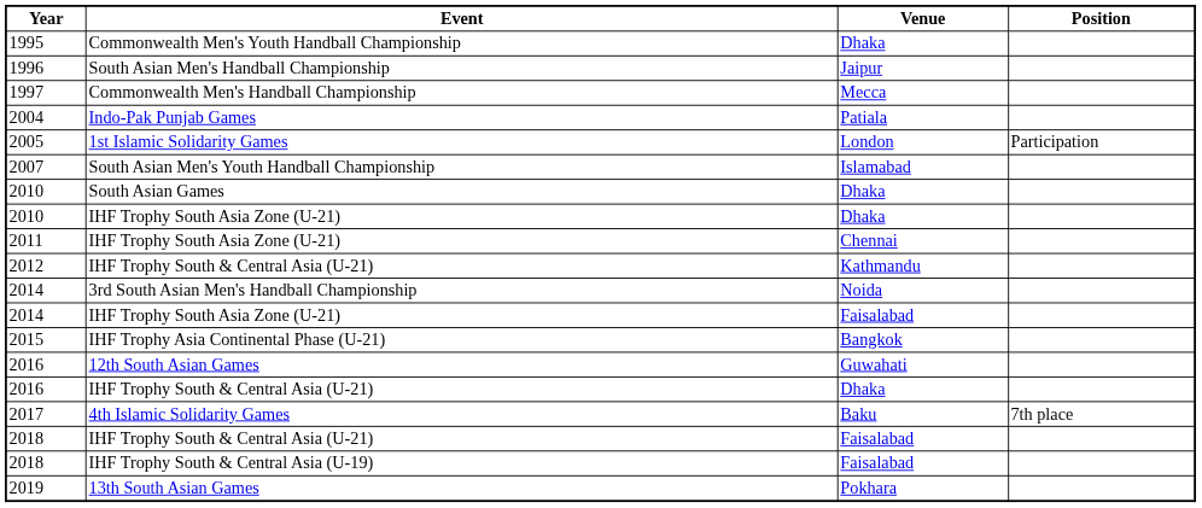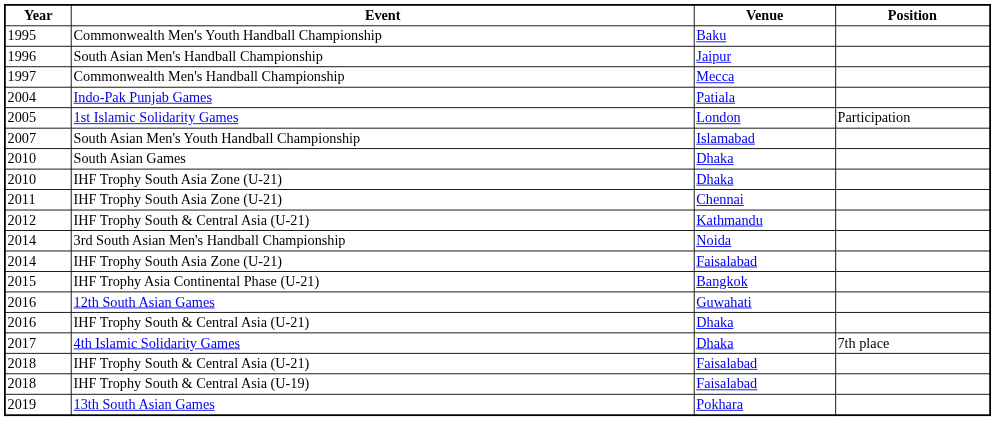 <table class="sortable" style="border-collapse: collapse; border: 2px #000000 solid; font-size: x-big; font-family: verdana" width="70%" cellspacing="0" cellpadding="2" border="1">
 <tr>
 <th>Year</th>
 <th>Event</th>
 <th>Venue</th>
 <th align=center>Position</th>
 </tr>
 <tr>
 <td>1995</td>
 <td>Commonwealth Men's Youth Handball Championship</td>
-<td> <a href='#'>Dhaka</a></td>
+<td> <a href='#'>Baku</a></td>
 <td></td>
 </tr>
 <tr>
 <td>1996</td>
 <td>South Asian Men's Handball Championship</td>
 <td> <a href='#'>Jaipur</a></td>
 <td></td>
 </tr>
 <tr>
 <td>1997</td>
 <td>Commonwealth Men's Handball Championship</td>
 <td> <a href='#'>Mecca</a></td>
 <td></td>
 </tr>
 <tr>
 <td>2004</td>
 <td><a href='#'>Indo-Pak Punjab Games</a></td>
 <td> <a href='#'>Patiala</a></td>
 <td></td>
 </tr>
 <tr>
 <td>2005</td>
 <td><a href='#'>1st Islamic Solidarity Games</a></td>
 <td> <a href='#'>London</a></td>
 <td>Participation</td>
 </tr>
 <tr>
 <td>2007</td>
 <td>South Asian Men's Youth Handball Championship</td>
 <td> <a href='#'>Islamabad</a></td>
 <td></td>
 </tr>
 <tr>
 <td>2010</td>
 <td>South Asian Games</td>
 <td> <a href='#'>Dhaka</a></td>
 <td></td>
 </tr>
 <tr>
 <td>2010</td>
 <td>IHF Trophy South Asia Zone (U-21)</td>
 <td> <a href='#'>Dhaka</a></td>
 <td></td>
 </tr>
 <tr>
 <td>2011</td>
 <td>IHF Trophy South Asia Zone (U-21)</td>
 <td> <a href='#'>Chennai</a></td>
 <td></td>
 </tr>
 <tr>
 <td>2012</td>
 <td>IHF Trophy South & Central Asia (U-21)</td>
 <td> <a href='#'>Kathmandu</a></td>
 <td></td>
 </tr>
 <tr>
 <td>2014</td>
 <td>3rd South Asian Men's Handball Championship</td>
 <td> <a href='#'>Noida</a></td>
 <td></td>
 </tr>
 <tr>
 <td>2014</td>
 <td>IHF Trophy South Asia Zone (U-21)</td>
 <td> <a href='#'>Faisalabad</a></td>
 <td></td>
 </tr>
 <tr>
 <td>2015</td>
 <td>IHF Trophy Asia Continental Phase (U-21)</td>
 <td> <a href='#'>Bangkok</a></td>
 <td></td>
 </tr>
 <tr>
 <td>2016</td>
 <td><a href='#'>12th South Asian Games</a></td>
 <td> <a href='#'>Guwahati</a></td>
 <td></td>
 </tr>
 <tr>
 <td>2016</td>
 <td>IHF Trophy South & Central Asia  (U-21)</td>
 <td> <a href='#'>Dhaka</a></td>
 <td></td>
 </tr>
 <tr>
 <td>2017</td>
 <td><a href='#'>4th Islamic Solidarity Games</a></td>
-<td> <a href='#'>Baku</a></td>
+<td> <a href='#'>Dhaka</a></td>
 <td>7th place</td>
 </tr>
 <tr>
 <td>2018</td>
 <td>IHF Trophy South & Central Asia (U-21)</td>
 <td> <a href='#'>Faisalabad</a></td>
 <td></td>
 </tr>
 <tr>
 <td>2018</td>
 <td>IHF Trophy South & Central Asia (U-19)</td>
 <td> <a href='#'>Faisalabad</a></td>
 <td></td>
 </tr>
 <tr>
 <td>2019</td>
 <td><a href='#'>13th South Asian Games</a></td>
 <td> <a href='#'>Pokhara</a></td>
 <td></td>
 </tr>
 </table>
